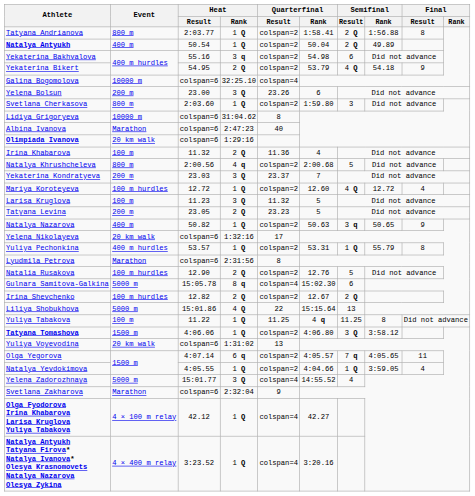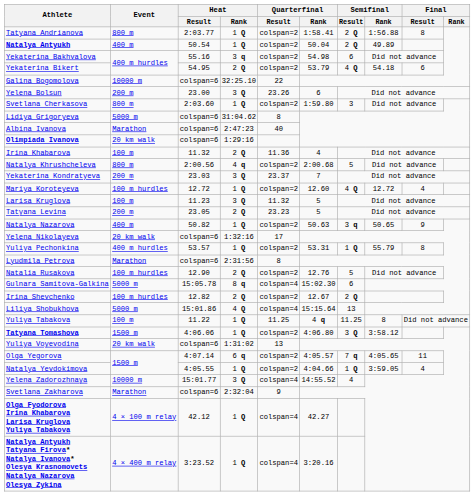 <table class=wikitable style="font-size:90%">
 <tr>
 <th rowspan="2">Athlete</th>
 <th rowspan="2">Event</th>
 <th colspan="2">Heat</th>
 <th colspan="2">Quarterfinal</th>
 <th colspan="2">Semifinal</th>
 <th colspan="2">Final</th>
 </tr>
 <tr style="font-size:95%">
 <th>Result</th>
 <th>Rank</th>
 <th>Result</th>
 <th>Rank</th>
 <th>Result</th>
 <th>Rank</th>
 <th>Result</th>
 <th>Rank</th>
 </tr>
 <tr align=center>
 <td align=left><a href='#'>Tatyana Andrianova</a></td>
 <td align=left><a href='#'>800 m</a></td>
 <td>2:03.77</td>
 <td>1 <strong>Q</strong></td>
 <td>colspan=2 </td>
 <td>1:58.41</td>
 <td>2 <strong>Q</strong></td>
 <td>1:56.88</td>
 <td>8</td>
 </tr>
 <tr align=center>
 <td align=left><strong><a href='#'>Natalya Antyukh</a></strong></td>
 <td align=left><a href='#'>400 m</a></td>
 <td>50.54</td>
 <td>1 <strong>Q</strong></td>
 <td>colspan=2 </td>
 <td>50.04</td>
 <td>2 <strong>Q</strong></td>
 <td>49.89</td>
 <td></td>
 </tr>
 <tr align=center>
 <td align=left><a href='#'>Yekaterina Bakhvalova</a></td>
 <td align=left rowspan=2><a href='#'>400 m hurdles</a></td>
 <td>55.16</td>
 <td>3 <strong>q</strong></td>
 <td>colspan=2 </td>
 <td>54.98</td>
 <td>6</td>
 <td colspan=2>Did not advance</td>
 </tr>
 <tr align=center>
 <td align=left><a href='#'>Yekaterina Bikert</a></td>
 <td>54.95</td>
 <td>2 <strong>Q</strong></td>
 <td>colspan=2 </td>
 <td>53.79</td>
 <td>4 <strong>Q</strong></td>
 <td>54.18</td>
-<td>9</td>
+<td>6</td>
 </tr>
 <tr align=center>
 <td align=left><a href='#'>Galina Bogomolova</a></td>
 <td align=left><a href='#'>10000 m</a></td>
 <td>colspan=6 </td>
 <td>32:25.10</td>
-<td>colspan=4 </td>
+<td>22</td>
 </tr>
 <tr align=center>
 <td align=left><a href='#'>Yelena Bolsun</a></td>
 <td align=left><a href='#'>200 m</a></td>
 <td>23.00</td>
 <td>3 <strong>Q</strong></td>
 <td>23.26</td>
 <td>6</td>
 <td colspan=4>Did not advance</td>
 </tr>
 <tr align=center>
 <td align=left><a href='#'>Svetlana Cherkasova</a></td>
 <td align=left><a href='#'>800 m</a></td>
 <td>2:03.60</td>
 <td>1 <strong>Q</strong></td>
 <td>colspan=2 </td>
 <td>1:59.80</td>
 <td>3</td>
 <td colspan=2>Did not advance</td>
 </tr>
 <tr align=center>
 <td align=left><a href='#'>Lidiya Grigoryeva</a></td>
-<td align=left><a href='#'>10000 m</a></td>
+<td align=left><a href='#'>5000 m</a></td>
 <td>colspan=6 </td>
 <td>31:04.62</td>
 <td>8</td>
 </tr>
 <tr align=center>
 <td align=left><a href='#'>Albina Ivanova</a></td>
 <td align=left><a href='#'>Marathon</a></td>
 <td>colspan=6 </td>
 <td>2:47:23</td>
 <td>40</td>
 </tr>
 <tr align=center>
 <td align=left><strong><a href='#'>Olimpiada Ivanova</a></strong></td>
 <td align=left><a href='#'>20 km walk</a></td>
 <td>colspan=6 </td>
 <td>1:29:16</td>
 <td></td>
 </tr>
 <tr align=center>
 <td align=left><a href='#'>Irina Khabarova</a></td>
 <td align=left><a href='#'>100 m</a></td>
 <td>11.32</td>
 <td>2 <strong>Q</strong></td>
 <td>11.36</td>
 <td>4</td>
 <td colspan=4>Did not advance</td>
 </tr>
 <tr align=center>
 <td align=left><a href='#'>Natalya Khrushcheleva</a></td>
 <td align=left><a href='#'>800 m</a></td>
 <td>2:00.56</td>
 <td>4 <strong>q</strong></td>
 <td>colspan=2 </td>
 <td>2:00.68</td>
 <td>5</td>
 <td colspan=2>Did not advance</td>
 </tr>
 <tr align=center>
 <td align=left><a href='#'>Yekaterina Kondratyeva</a></td>
 <td align=left><a href='#'>200 m</a></td>
 <td>23.03</td>
 <td>3 <strong>Q</strong></td>
 <td>23.37</td>
 <td>7</td>
 <td colspan=4>Did not advance</td>
 </tr>
 <tr align=center>
 <td align=left><a href='#'>Mariya Koroteyeva</a></td>
 <td align=left><a href='#'>100 m hurdles</a></td>
 <td>12.72</td>
 <td>1 <strong>Q</strong></td>
 <td>colspan=2 </td>
 <td>12.60</td>
 <td>4 <strong>Q</strong></td>
 <td>12.72</td>
 <td>4</td>
 </tr>
 <tr align=center>
 <td align=left><a href='#'>Larisa Kruglova</a></td>
 <td align=left><a href='#'>100 m</a></td>
 <td>11.23</td>
 <td>3 <strong>Q</strong></td>
 <td>11.32</td>
 <td>5</td>
 <td colspan=4>Did not advance</td>
 </tr>
 <tr align=center>
 <td align=left><a href='#'>Tatyana Levina</a></td>
 <td align=left><a href='#'>200 m</a></td>
 <td>23.05</td>
 <td>2 <strong>Q</strong></td>
 <td>23.23</td>
 <td>5</td>
 <td colspan=4>Did not advance</td>
 </tr>
 <tr align=center>
 <td align=left><a href='#'>Natalya Nazarova</a></td>
 <td align=left><a href='#'>400 m</a></td>
 <td>50.82</td>
 <td>1 <strong>Q</strong></td>
 <td>colspan=2 </td>
 <td>50.63</td>
 <td>3 <strong>q</strong></td>
 <td>50.65</td>
 <td>9</td>
 </tr>
 <tr align=center>
 <td align=left><a href='#'>Yelena Nikolayeva</a></td>
 <td align=left><a href='#'>20 km walk</a></td>
 <td>colspan=6 </td>
 <td>1:32:16</td>
 <td>17</td>
 </tr>
 <tr align=center>
 <td align=left><a href='#'>Yuliya Pechonkina</a></td>
 <td align=left><a href='#'>400 m hurdles</a></td>
 <td>53.57</td>
 <td>1 <strong>Q</strong></td>
 <td>colspan=2 </td>
 <td>53.31</td>
 <td>1 <strong>Q</strong></td>
 <td>55.79</td>
 <td>8</td>
 </tr>
 <tr align=center>
 <td align=left><a href='#'>Lyudmila Petrova</a></td>
 <td align=left><a href='#'>Marathon</a></td>
 <td>colspan=6 </td>
 <td>2:31:56</td>
 <td>8</td>
 </tr>
 <tr align=center>
 <td align=left><a href='#'>Natalia Rusakova</a></td>
 <td align=left><a href='#'>100 m hurdles</a></td>
 <td>12.90</td>
 <td>2 <strong>Q</strong></td>
 <td>colspan=2 </td>
 <td>12.76</td>
 <td>5</td>
 <td colspan=2>Did not advance</td>
 </tr>
 <tr align=center>
 <td align=left><a href='#'>Gulnara Samitova-Galkina</a></td>
 <td align=left><a href='#'>5000 m</a></td>
 <td>15:05.78</td>
 <td>8 <strong>q</strong></td>
 <td>colspan=4 </td>
 <td>15:02.30</td>
 <td>6</td>
 </tr>
 <tr align=center>
 <td align=left><a href='#'>Irina Shevchenko</a></td>
 <td align=left><a href='#'>100 m hurdles</a></td>
 <td>12.82</td>
 <td>2 <strong>Q</strong></td>
 <td>colspan=2 </td>
 <td>12.67</td>
 <td>2 <strong>Q</strong></td>
 <td colspan=2></td>
 </tr>
 <tr align=center>
 <td align=left><a href='#'>Liliya Shobukhova</a></td>
 <td align=left><a href='#'>5000 m</a></td>
 <td>15:01.86</td>
 <td>4 <strong>Q</strong></td>
-<td>22</td>
+<td>colspan=4 </td>
 <td>15:15.64</td>
 <td>13</td>
 </tr>
 <tr align=center>
 <td align=left><a href='#'>Yuliya Tabakova</a></td>
 <td align=left><a href='#'>100 m</a></td>
 <td>11.22</td>
 <td>1 <strong>Q</strong></td>
 <td>11.25</td>
 <td>4 <strong>q</strong></td>
 <td>11.25</td>
 <td>8</td>
 <td colspan=2>Did not advance</td>
 </tr>
 <tr align=center>
 <td align=left><strong><a href='#'>Tatyana Tomashova</a></strong></td>
 <td align=left><a href='#'>1500 m</a></td>
 <td>4:06.06</td>
 <td>1 <strong>Q</strong></td>
 <td>colspan=2 </td>
 <td>4:06.80</td>
 <td>3 <strong>Q</strong></td>
 <td>3:58.12</td>
 <td></td>
 </tr>
 <tr align=center>
 <td align=left><a href='#'>Yuliya Voyevodina</a></td>
 <td align=left><a href='#'>20 km walk</a></td>
 <td>colspan=6 </td>
 <td>1:31:02</td>
 <td>13</td>
 </tr>
 <tr align=center>
 <td align=left><a href='#'>Olga Yegorova</a></td>
 <td align=left rowspan=2><a href='#'>1500 m</a></td>
 <td>4:07.14</td>
 <td>6 <strong>q</strong></td>
 <td>colspan=2 </td>
 <td>4:05.57</td>
 <td>7 <strong>q</strong></td>
 <td>4:05.65</td>
 <td>11</td>
 </tr>
 <tr align=center>
 <td align=left><a href='#'>Natalya Yevdokimova</a></td>
 <td>4:05.55</td>
 <td>1 <strong>Q</strong></td>
 <td>colspan=2 </td>
 <td>4:04.66</td>
 <td>1 <strong>Q</strong></td>
 <td>3:59.05</td>
 <td>4</td>
 </tr>
 <tr align=center>
 <td align=left><a href='#'>Yelena Zadorozhnaya</a></td>
-<td align=left><a href='#'>5000 m</a></td>
+<td align=left><a href='#'>10000 m</a></td>
 <td>15:01.77</td>
 <td>3 <strong>Q</strong></td>
 <td>colspan=4 </td>
 <td>14:55.52</td>
 <td>4</td>
 </tr>
 <tr align=center>
 <td align=left><a href='#'>Svetlana Zakharova</a></td>
 <td align=left><a href='#'>Marathon</a></td>
 <td>colspan=6 </td>
 <td>2:32:04</td>
 <td>9</td>
 </tr>
 <tr align=center>
 <td align=left><strong><a href='#'>Olga Fyodorova</a><br><a href='#'>Irina Khabarova</a><br><a href='#'>Larisa Kruglova</a><br><a href='#'>Yuliya Tabakova</a></strong></td>
 <td align=left><a href='#'>4 × 100 m relay</a></td>
 <td>42.12</td>
 <td>1 <strong>Q</strong></td>
 <td>colspan=4 </td>
 <td>42.27</td>
 <td></td>
 </tr>
 <tr align=center>
 <td align=left><strong><a href='#'>Natalya Antyukh</a><br><a href='#'>Tatyana Firova</a>*<br><a href='#'>Natalya Ivanova</a>*<br><a href='#'>Olesya Krasnomovets</a><br><a href='#'>Natalya Nazarova</a><br><a href='#'>Olesya Zykina</a></strong></td>
 <td align=left><a href='#'>4 × 400 m relay</a></td>
 <td>3:23.52</td>
 <td>1 <strong>Q</strong></td>
 <td>colspan=4 </td>
 <td>3:20.16</td>
 <td></td>
 </tr>
 </table>
